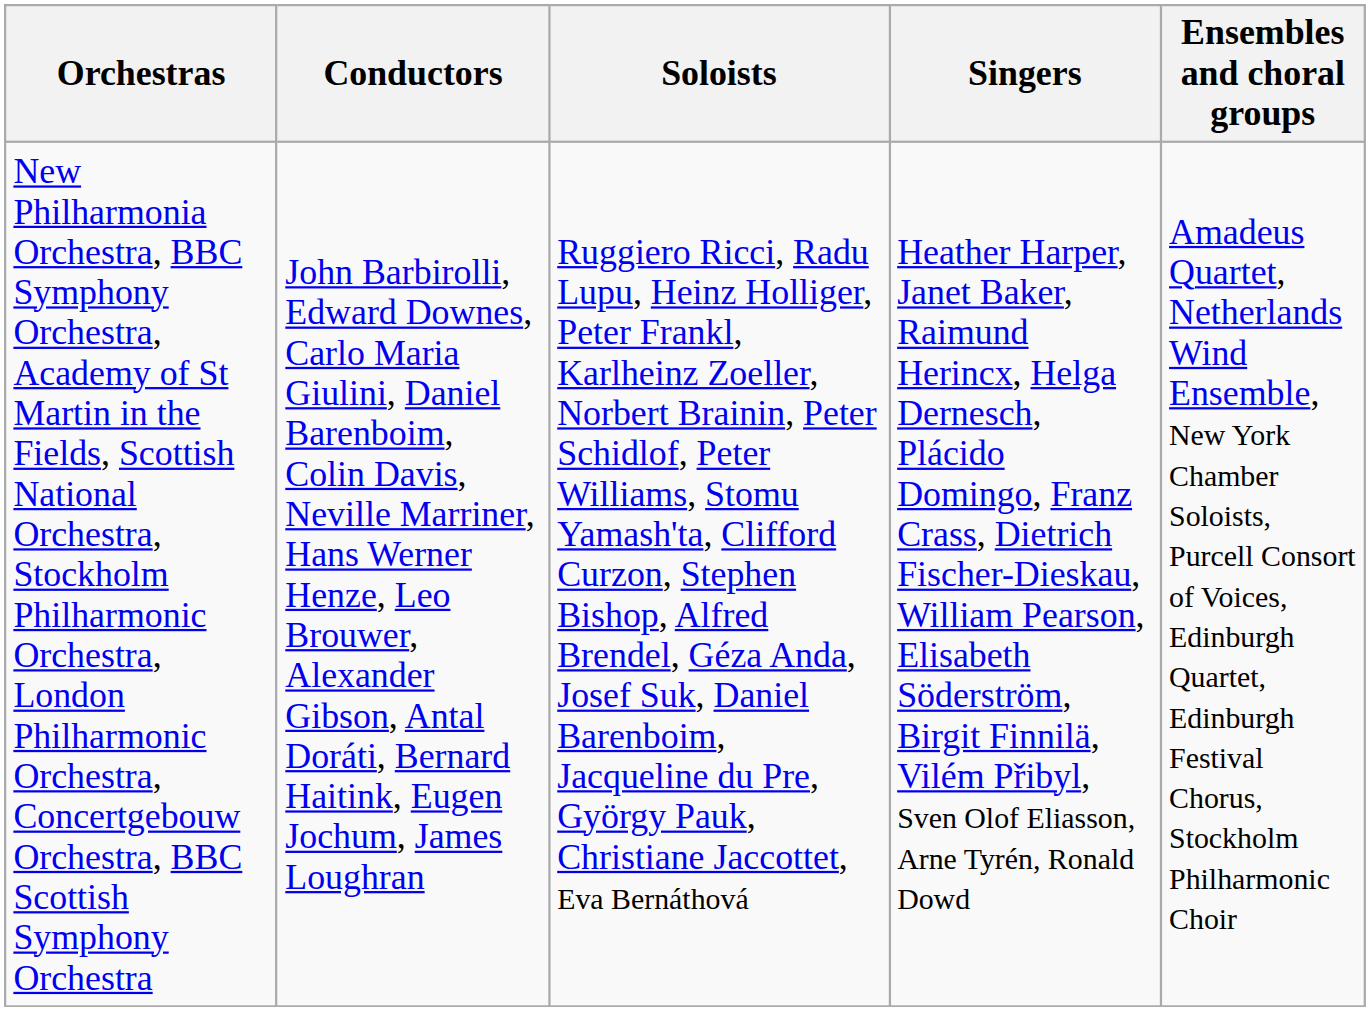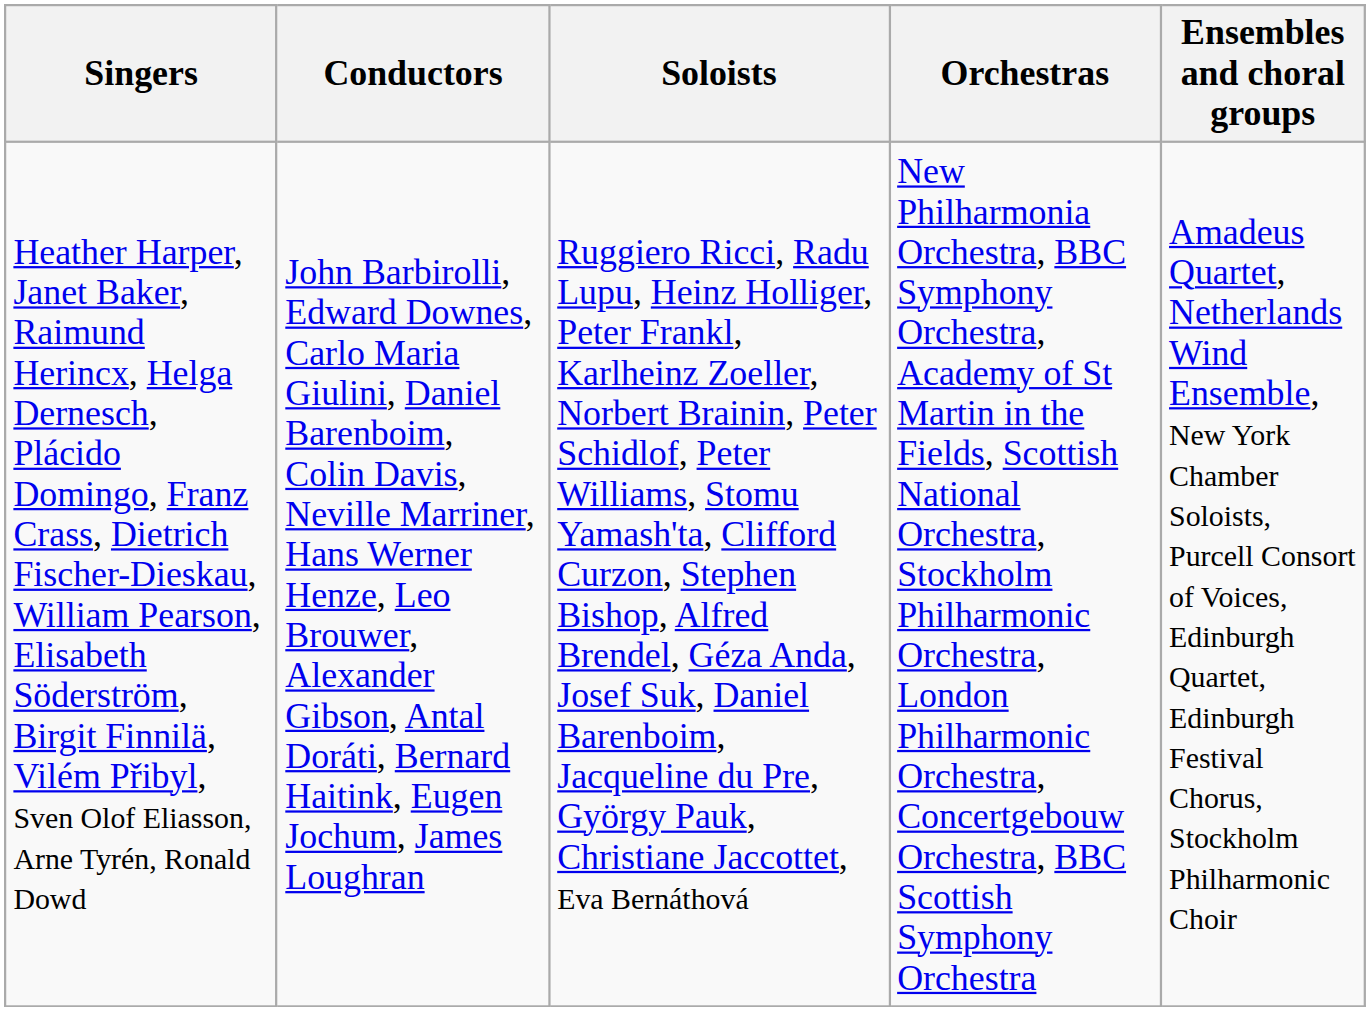 <table class="wikitable toptextcells">
 <tr class="hintergrundfarbe5">
-<th style="width:20%;">Orchestras</th>
+<th style="width:20%;">Singers</th>
 <th style="width:20%;">Conductors</th>
 <th style="width:25%;">Soloists</th>
-<th style="width:20%;">Singers</th>
+<th style="width:20%;">Orchestras</th>
 <th style="width:15%;">Ensembles and choral groups</th>
 </tr>
 <tr>
-<td><a href='#'>New Philharmonia Orchestra</a>, <a href='#'>BBC Symphony Orchestra</a>, <a href='#'>Academy of St Martin in the Fields</a>, <a href='#'>Scottish National Orchestra</a>, <a href='#'>Stockholm Philharmonic Orchestra</a>, <a href='#'>London Philharmonic Orchestra</a>, <a href='#'>Concertgebouw Orchestra</a>, <a href='#'>BBC Scottish Symphony Orchestra</a></td>
+<td><a href='#'>Heather Harper</a>, <a href='#'>Janet Baker</a>, <a href='#'>Raimund Herincx</a>, <a href='#'>Helga Dernesch</a>, <a href='#'>Plácido Domingo</a>, <a href='#'>Franz Crass</a>, <a href='#'>Dietrich Fischer-Dieskau</a>, <a href='#'>William Pearson</a>, <a href='#'>Elisabeth Söderström</a>, <a href='#'>Birgit Finnilä</a>, <a href='#'>Vilém Přibyl</a>, <small>Sven Olof Eliasson, Arne Tyrén, Ronald Dowd</small></td>
 <td><a href='#'>John Barbirolli</a>, <a href='#'>Edward Downes</a>, <a href='#'>Carlo Maria Giulini</a>, <a href='#'>Daniel Barenboim</a>, <a href='#'>Colin Davis</a>, <a href='#'>Neville Marriner</a>, <a href='#'>Hans Werner Henze</a>, <a href='#'>Leo Brouwer</a>, <a href='#'>Alexander Gibson</a>, <a href='#'>Antal Doráti</a>, <a href='#'>Bernard Haitink</a>, <a href='#'>Eugen Jochum</a>, <a href='#'>James Loughran</a></td>
 <td><a href='#'>Ruggiero Ricci</a>, <a href='#'>Radu Lupu</a>, <a href='#'>Heinz Holliger</a>, <a href='#'>Peter Frankl</a>, <a href='#'>Karlheinz Zoeller</a>, <a href='#'>Norbert Brainin</a>, <a href='#'>Peter Schidlof</a>, <a href='#'>Peter Williams</a>, <a href='#'>Stomu Yamash'ta</a>, <a href='#'>Clifford Curzon</a>, <a href='#'>Stephen Bishop</a>, <a href='#'>Alfred Brendel</a>, <a href='#'>Géza Anda</a>, <a href='#'>Josef Suk</a>, <a href='#'>Daniel Barenboim</a>, <a href='#'>Jacqueline du Pre</a>, <a href='#'>György Pauk</a>, <a href='#'>Christiane Jaccottet</a>, <small>Eva Bernáthová</small></td>
-<td><a href='#'>Heather Harper</a>, <a href='#'>Janet Baker</a>, <a href='#'>Raimund Herincx</a>, <a href='#'>Helga Dernesch</a>, <a href='#'>Plácido Domingo</a>, <a href='#'>Franz Crass</a>, <a href='#'>Dietrich Fischer-Dieskau</a>, <a href='#'>William Pearson</a>, <a href='#'>Elisabeth Söderström</a>, <a href='#'>Birgit Finnilä</a>, <a href='#'>Vilém Přibyl</a>, <small>Sven Olof Eliasson, Arne Tyrén, Ronald Dowd</small></td>
+<td><a href='#'>New Philharmonia Orchestra</a>, <a href='#'>BBC Symphony Orchestra</a>, <a href='#'>Academy of St Martin in the Fields</a>, <a href='#'>Scottish National Orchestra</a>, <a href='#'>Stockholm Philharmonic Orchestra</a>, <a href='#'>London Philharmonic Orchestra</a>, <a href='#'>Concertgebouw Orchestra</a>, <a href='#'>BBC Scottish Symphony Orchestra</a></td>
 <td><a href='#'>Amadeus Quartet</a>, <a href='#'>Netherlands Wind Ensemble</a>, <small>New York Chamber Soloists, Purcell Consort of Voices, Edinburgh Quartet,  Edinburgh Festival Chorus, Stockholm Philharmonic Choir</small></td>
 </tr>
 </table>
